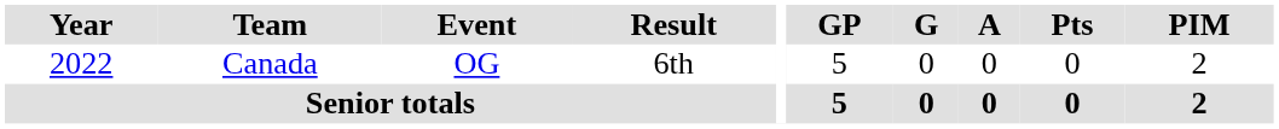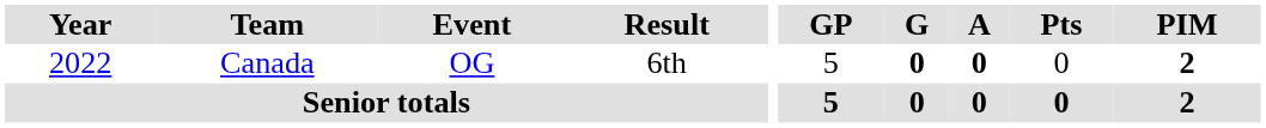 <table border="0" cellpadding="1" cellspacing="0" ID="Table3" style="text-align:center; width:40em">
 <tr ALIGN="center" bgcolor="#e0e0e0">
 <th>Year</th>
 <th>Team</th>
 <th>Event</th>
 <th>Result</th>
 <th rowspan="99" bgcolor="#ffffff"></th>
 <th>GP</th>
 <th>G</th>
 <th>A</th>
 <th>Pts</th>
 <th>PIM</th>
 </tr>
 <tr>
 <td><a href='#'>2022</a></td>
 <td><a href='#'>Canada</a></td>
 <td><a href='#'>OG</a></td>
 <td>6th</td>
 <td>5</td>
+<td><strong>0</strong></td>
+<td><strong>0</strong></td>
 <td>0</td>
-<td>0</td>
-<td>0</td>
-<td>2</td>
+<td><strong>2</strong></td>
 </tr>
 <tr bgcolor="#e0e0e0">
 <th colspan=4>Senior totals</th>
 <th>5</th>
 <th>0</th>
 <th>0</th>
 <th>0</th>
 <th>2</th>
 </tr>
 </table>
